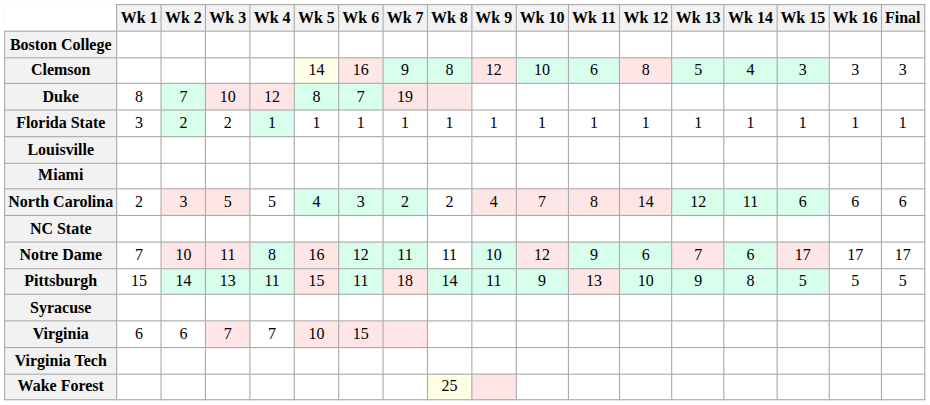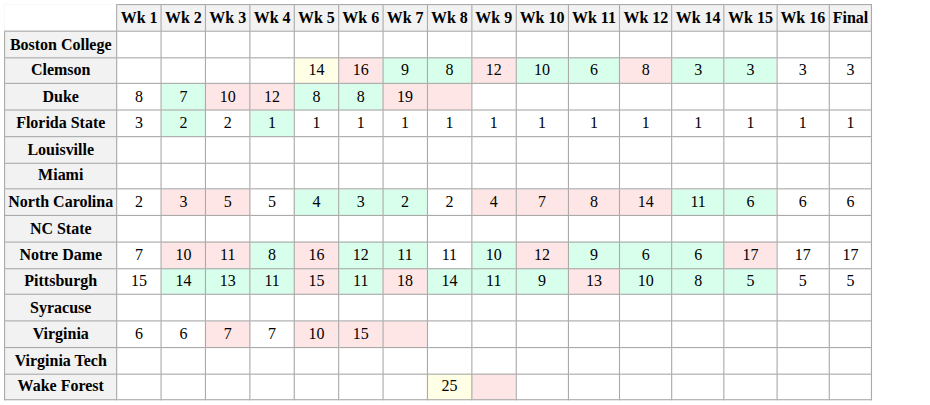 <table class="wikitable" style="white-space:nowrap;font-size:90%;">
 <tr>
 <th colspan=1 style="background:white; border-top-style:hidden; border-left-style:hidden;"> </th>
 <th>Wk 1 <br></th>
 <th>Wk 2 <br></th>
 <th>Wk 3 <br></th>
 <th>Wk 4 <br></th>
 <th>Wk 5 <br></th>
 <th>Wk 6 <br></th>
 <th>Wk 7 <br></th>
 <th>Wk 8 <br></th>
 <th>Wk 9 <br></th>
 <th>Wk 10 <br></th>
 <th>Wk 11 <br></th>
 <th>Wk 12 <br></th>
-<th>Wk 13 <br></th>
 <th>Wk 14 <br></th>
 <th>Wk 15 <br></th>
 <th>Wk 16 <br></th>
 <th>Final <br></th>
 </tr>
 <tr style="text-align:center;">
 <th>Boston College</th>
-<td style="background:#FFF;"></td>
 <td style="background:#FFF;"></td>
 <td style="background:#FFF;"></td>
 <td style="background:#FFF;"></td>
 <td style="background:#FFF;"></td>
 <td style="background:#FFF;"></td>
 <td style="background:#FFF;"></td>
 <td style="background:#FFF;"></td>
 <td style="background:#FFF;"></td>
 <td style="background:#FFF;"></td>
 <td style="background:#FFF;"></td>
 <td style="background:#FFF;"></td>
 <td style="background:#FFF;"></td>
 <td style="background:#FFF;"></td>
 <td style="background:#FFF;"></td>
 <td style="background:#FFF;"></td>
 <td style="background:#FFF;"></td>
 </tr>
 <tr style="text-align:center;">
 <th>Clemson</th>
 <td style="background:#FFF;"></td>
 <td style="background:#FFF;"></td>
 <td style="background:#FFF;"></td>
 <td style="background:#FFF;"></td>
 <td style="background:#FFFFE6;"> 14</td>
 <td style="background:#FFE6E6;"> 16</td>
 <td style="background:#D8FFEB;"> 9</td>
 <td style="background:#D8FFEB;"> 8</td>
 <td style="background:#FFE6E6;"> 12</td>
 <td style="background:#D8FFEB;"> 10</td>
 <td style="background:#D8FFEB;"> 6</td>
 <td style="background:#FFE6E6;"> 8</td>
-<td style="background:#D8FFEB;"> 5</td>
-<td style="background:#D8FFEB;"> 4</td>
+<td style="background:#D8FFEB;"> 3</td>
 <td style="background:#D8FFEB;"> 3</td>
 <td style="background:#FFF;"> 3</td>
 <td style="background:#FFF;"> 3</td>
 </tr>
 <tr style="text-align:center;">
 <th>Duke</th>
 <td style="background:#FFF;"> 8</td>
 <td style="background:#D8FFEB;"> 7</td>
 <td style="background:#FFE6E6;"> 10</td>
 <td style="background:#FFE6E6;"> 12</td>
 <td style="background:#D8FFEB;"> 8</td>
-<td style="background:#D8FFEB;"> 7</td>
+<td style="background:#D8FFEB;"> 8</td>
 <td style="background:#FFE6E6;"> 19</td>
 <td style="background:#FFE6E6;"></td>
-<td style="background:#FFF;"></td>
 <td style="background:#FFF;"></td>
 <td style="background:#FFF;"></td>
 <td style="background:#FFF;"></td>
 <td style="background:#FFF;"></td>
 <td style="background:#FFF;"></td>
 <td style="background:#FFF;"></td>
 <td style="background:#FFF;"></td>
 <td style="background:#FFF;"></td>
 </tr>
 <tr style="text-align:center;">
 <th !>Florida State</th>
 <td style="background:#FFF;"> 3</td>
 <td style="background:#D8FFEB;"> 2</td>
 <td style="background:#FFF;"> 2</td>
 <td style="background:#D8FFEB;"> 1</td>
 <td style="background:#FFF;"> 1</td>
 <td style="background:#FFF;"> 1</td>
 <td style="background:#FFF;"> 1</td>
 <td style="background:#FFF;"> 1</td>
 <td style="background:#FFF;"> 1</td>
 <td style="background:#FFF;"> 1</td>
 <td style="background:#FFF;"> 1</td>
 <td style="background:#FFF;"> 1</td>
 <td style="background:#FFF;"> 1</td>
 <td style="background:#FFF;"> 1</td>
 <td style="background:#FFF;"> 1</td>
 <td style="background:#FFF;"> 1</td>
-<td style="background:#FFF;"> 1</td>
 </tr>
 <tr style="text-align:center;">
 <th>Louisville</th>
-<td style="background:#FFF;"></td>
 <td style="background:#FFF;"></td>
 <td style="background:#FFF;"></td>
 <td style="background:#FFF;"></td>
 <td style="background:#FFF;"></td>
 <td style="background:#FFF;"></td>
 <td style="background:#FFF;"></td>
 <td style="background:#FFF;"></td>
 <td style="background:#FFF;"></td>
 <td style="background:#FFF;"></td>
 <td style="background:#FFF;"></td>
 <td style="background:#FFF;"></td>
 <td style="background:#FFF;"></td>
 <td style="background:#FFF;"></td>
 <td style="background:#FFF;"></td>
 <td style="background:#FFF;"></td>
 <td style="background:#FFF;"></td>
 </tr>
 <tr style="text-align:center;">
 <th>Miami</th>
 <td style="background:#FFF;"></td>
 <td style="background:#FFF;"></td>
 <td style="background:#FFF;"></td>
 <td style="background:#FFF;"></td>
 <td style="background:#FFF;"></td>
 <td style="background:#FFF;"></td>
 <td style="background:#FFF;"></td>
 <td style="background:#FFF;"></td>
 <td style="background:#FFF;"></td>
 <td style="background:#FFF;"></td>
 <td style="background:#FFF;"></td>
 <td style="background:#FFF;"></td>
 <td style="background:#FFF;"></td>
 <td style="background:#FFF;"></td>
 <td style="background:#FFF;"></td>
 <td style="background:#FFF;"></td>
-<td style="background:#FFF;"></td>
 </tr>
 <tr style="text-align:center;">
 <th>North Carolina</th>
 <td style="background:#FFF;"> 2</td>
 <td style="background:#FFE6E6;"> 3</td>
 <td style="background:#FFE6E6;"> 5</td>
 <td style="background:#FFF;"> 5</td>
 <td style="background:#D8FFEB;"> 4</td>
 <td style="background:#D8FFEB;"> 3</td>
 <td style="background:#D8FFEB;"> 2</td>
 <td style="background:#FFF;"> 2</td>
 <td style="background:#FFE6E6;"> 4</td>
 <td style="background:#FFE6E6;"> 7</td>
 <td style="background:#FFE6E6;"> 8</td>
 <td style="background:#FFE6E6;"> 14</td>
-<td style="background:#D8FFEB;"> 12</td>
 <td style="background:#D8FFEB;"> 11</td>
 <td style="background:#D8FFEB;"> 6</td>
 <td style="background:#FFF;"> 6</td>
 <td style="background:#FFF;"> 6</td>
 </tr>
 <tr style="text-align:center;">
 <th>NC State</th>
-<td style="background:#FFF;"></td>
 <td style="background:#FFF;"></td>
 <td style="background:#FFF;"></td>
 <td style="background:#FFF;"></td>
 <td style="background:#FFF;"></td>
 <td style="background:#FFF;"></td>
 <td style="background:#FFF;"></td>
 <td style="background:#FFF;"></td>
 <td style="background:#FFF;"></td>
 <td style="background:#FFF;"></td>
 <td style="background:#FFF;"></td>
 <td style="background:#FFF;"></td>
 <td style="background:#FFF;"></td>
 <td style="background:#FFF;"></td>
 <td style="background:#FFF;"></td>
 <td style="background:#FFF;"></td>
 <td style="background:#FFF;"></td>
 </tr>
 <tr style="text-align:center;">
 <th>Notre Dame</th>
 <td style="background:#FFF;"> 7</td>
 <td style="background:#FFE6E6;"> 10</td>
 <td style="background:#FFE6E6;"> 11</td>
 <td style="background:#D8FFEB;"> 8</td>
 <td style="background:#FFE6E6;"> 16</td>
 <td style="background:#D8FFEB;"> 12</td>
 <td style="background:#D8FFEB;"> 11</td>
 <td style="background:#FFF;"> 11</td>
 <td style="background:#D8FFEB;"> 10</td>
 <td style="background:#FFE6E6;"> 12</td>
 <td style="background:#D8FFEB;"> 9</td>
 <td style="background:#D8FFEB;"> 6</td>
-<td style="background:#FFE6E6;"> 7</td>
 <td style="background:#D8FFEB;"> 6</td>
 <td style="background:#FFE6E6;"> 17</td>
 <td style="background:#FFF;"> 17</td>
 <td style="background:#FFF;"> 17</td>
 </tr>
 <tr style="text-align:center;">
 <th>Pittsburgh</th>
 <td style="background:#FFF;"> 15</td>
 <td style="background:#D8FFEB;"> 14</td>
 <td style="background:#D8FFEB;"> 13</td>
 <td style="background:#D8FFEB;"> 11</td>
 <td style="background:#FFE6E6;"> 15</td>
 <td style="background:#D8FFEB;"> 11</td>
 <td style="background:#FFE6E6;"> 18</td>
 <td style="background:#D8FFEB;"> 14</td>
 <td style="background:#D8FFEB;"> 11</td>
 <td style="background:#D8FFEB;"> 9</td>
 <td style="background:#FFE6E6;"> 13</td>
 <td style="background:#D8FFEB;"> 10</td>
-<td style="background:#D8FFEB;"> 9</td>
 <td style="background:#D8FFEB;"> 8</td>
 <td style="background:#D8FFEB;"> 5</td>
 <td style="background:#FFF;"> 5</td>
 <td style="background:#FFF;"> 5</td>
 </tr>
 <tr style="text-align:center;">
 <th>Syracuse</th>
-<td style="background:#FFF;"></td>
 <td style="background:#FFF;"></td>
 <td style="background:#FFF;"></td>
 <td style="background:#FFF;"></td>
 <td style="background:#FFF;"></td>
 <td style="background:#FFF;"></td>
 <td style="background:#FFF;"></td>
 <td style="background:#FFF;"></td>
 <td style="background:#FFF;"></td>
 <td style="background:#FFF;"></td>
 <td style="background:#FFF;"></td>
 <td style="background:#FFF;"></td>
 <td style="background:#FFF;"></td>
 <td style="background:#FFF;"></td>
 <td style="background:#FFF;"></td>
 <td style="background:#FFF;"></td>
 <td style="background:#FFF;"></td>
 </tr>
 <tr style="text-align:center;">
 <th>Virginia</th>
 <td style="background:#FFF;"> 6</td>
 <td style="background:#FFF;"> 6</td>
 <td style="background:#FFE6E6;"> 7</td>
 <td style="background:#FFF;"> 7</td>
 <td style="background:#FFE6E6;"> 10</td>
 <td style="background:#FFE6E6;"> 15</td>
 <td style="background:#FFE6E6;"></td>
 <td style="background:#FFF;"></td>
 <td style="background:#FFF;"></td>
 <td style="background:#FFF;"></td>
 <td style="background:#FFF;"></td>
 <td style="background:#FFF;"></td>
 <td style="background:#FFF;"></td>
 <td style="background:#FFF;"></td>
 <td style="background:#FFF;"></td>
 <td style="background:#FFF;"></td>
-<td style="background:#FFF;"></td>
 </tr>
 <tr style="text-align:center;">
 <th>Virginia Tech</th>
-<td style="background:#FFF;"></td>
 <td style="background:#FFF;"></td>
 <td style="background:#FFF;"></td>
 <td style="background:#FFF;"></td>
 <td style="background:#FFF;"></td>
 <td style="background:#FFF;"></td>
 <td style="background:#FFF;"></td>
 <td style="background:#FFF;"></td>
 <td style="background:#FFF;"></td>
 <td style="background:#FFF;"></td>
 <td style="background:#FFF;"></td>
 <td style="background:#FFF;"></td>
 <td style="background:#FFF;"></td>
 <td style="background:#FFF;"></td>
 <td style="background:#FFF;"></td>
 <td style="background:#FFF;"></td>
 <td style="background:#FFF;"></td>
 </tr>
 <tr style="text-align:center;">
 <th>Wake Forest</th>
 <td style="background:#FFF;"></td>
 <td style="background:#FFF;"></td>
 <td style="background:#FFF;"></td>
 <td style="background:#FFF;"></td>
 <td style="background:#FFF;"></td>
 <td style="background:#FFF;"></td>
 <td style="background:#FFF;"></td>
 <td style="background:#FFFFE6;"> 25</td>
 <td style="background:#FFE6E6;"></td>
 <td style="background:#FFF;"></td>
 <td style="background:#FFF;"></td>
 <td style="background:#FFF;"></td>
 <td style="background:#FFF;"></td>
 <td style="background:#FFF;"></td>
 <td style="background:#FFF;"></td>
 <td style="background:#FFF;"></td>
-<td style="background:#FFF;"></td>
 </tr>
 </table>
